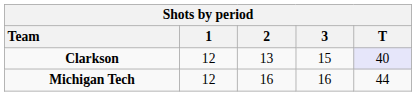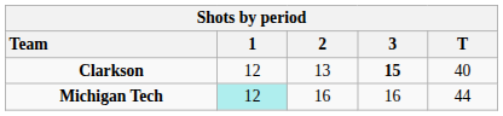 <table class="wikitable" style="width:30em; text-align:right;">
 <tr>
 <th colspan=6>Shots by period</th>
 </tr>
 <tr>
 <th style="width:10em; text-align:left;">Team</th>
 <th style="width:3em;">1</th>
 <th style="width:3em;">2</th>
 <th style="width:3em;">3</th>
 <th style="width:3em;">T</th>
 </tr>
 <tr>
 <td align=center><strong>Clarkson</strong></td>
 <td align=center>12</td>
 <td align=center>13</td>
-<td align=center>15</td>
-<td align=center style="background: lavender;">40</td>
+<td align=center><strong>15</strong></td>
+<td align=center>40</td>
 </tr>
 <tr>
 <td align=center><strong>Michigan Tech</strong></td>
-<td align=center>12</td>
+<td align=center style="background: paleturquoise;">12</td>
 <td align=center>16</td>
 <td align=center>16</td>
 <td align=center>44</td>
 </tr>
 </table>
